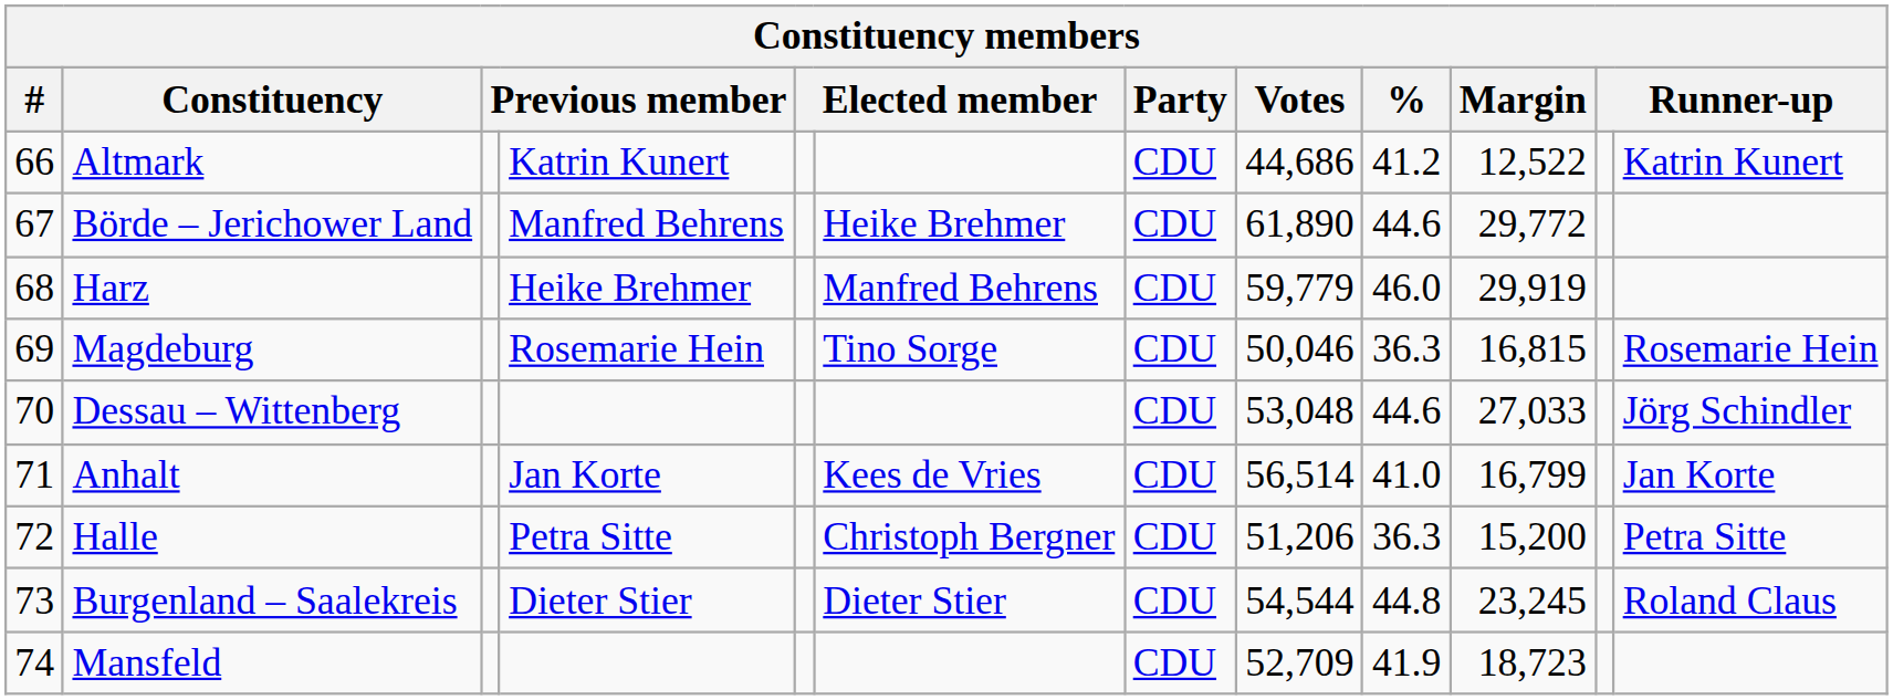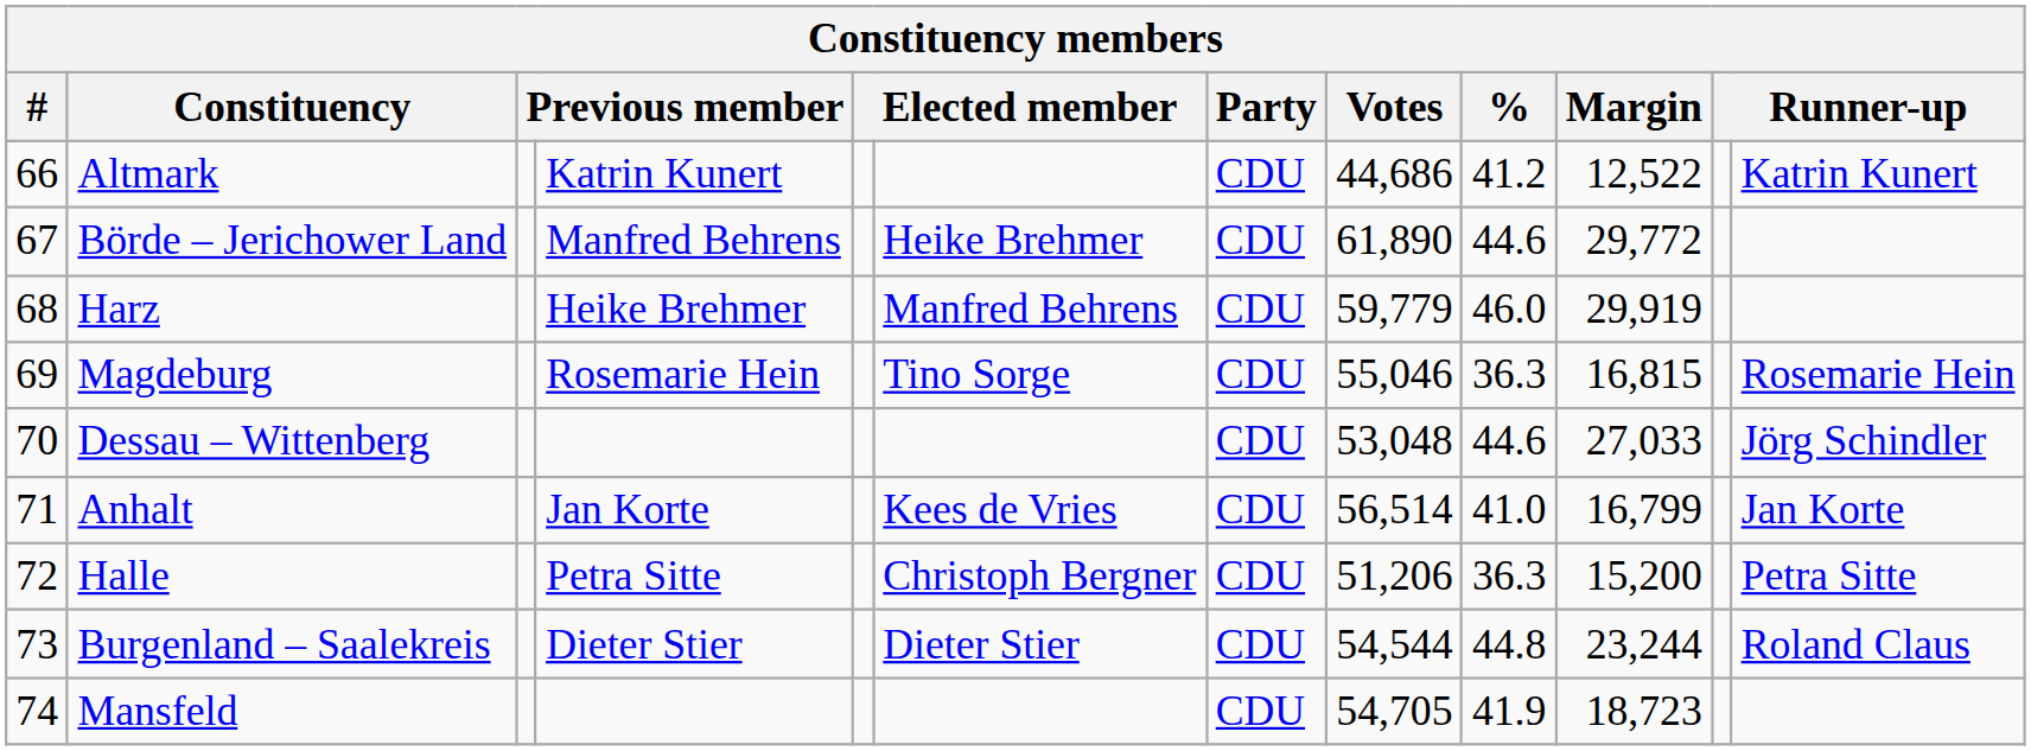 <table class="wikitable sortable" style="text-align:right">
 <tr>
 <th colspan="12">Constituency members</th>
 </tr>
 <tr>
 <th>#</th>
 <th>Constituency</th>
 <th colspan="2">Previous member</th>
 <th colspan="2">Elected member</th>
 <th>Party</th>
 <th>Votes</th>
 <th>%</th>
 <th>Margin</th>
 <th colspan="2">Runner-up</th>
 </tr>
 <tr>
 <td>66</td>
 <td align=left><a href='#'>Altmark</a></td>
 <td bgcolor=></td>
 <td align=left><a href='#'>Katrin Kunert</a></td>
 <td></td>
 <td align=left></td>
 <td align="left"><a href='#'>CDU</a></td>
 <td>44,686</td>
 <td>41.2</td>
 <td>12,522</td>
 <td bgcolor=></td>
 <td align=left><a href='#'>Katrin Kunert</a></td>
 </tr>
 <tr>
 <td>67</td>
 <td align=left><a href='#'>Börde – Jerichower Land</a></td>
 <td bgcolor=></td>
 <td align=left><a href='#'>Manfred Behrens</a></td>
 <td bgcolor=></td>
 <td align=left><a href='#'>Heike Brehmer</a></td>
 <td align=left><a href='#'>CDU</a></td>
 <td>61,890</td>
 <td>44.6</td>
 <td>29,772</td>
 <td bgcolor=></td>
 <td align=left></td>
 </tr>
 <tr>
 <td>68</td>
 <td align=left><a href='#'>Harz</a></td>
 <td bgcolor=></td>
 <td align=left><a href='#'>Heike Brehmer</a></td>
 <td bgcolor=></td>
 <td align=left><a href='#'>Manfred Behrens</a></td>
 <td align=left><a href='#'>CDU</a></td>
 <td>59,779</td>
 <td>46.0</td>
 <td>29,919</td>
 <td bgcolor=></td>
 <td align=left></td>
 </tr>
 <tr>
 <td>69</td>
 <td align=left><a href='#'>Magdeburg</a></td>
 <td bgcolor=></td>
 <td align=left><a href='#'>Rosemarie Hein</a></td>
 <td bgcolor=></td>
 <td align=left><a href='#'>Tino Sorge</a></td>
 <td align=left><a href='#'>CDU</a></td>
-<td>50,046</td>
+<td>55,046</td>
 <td>36.3</td>
 <td>16,815</td>
 <td bgcolor=></td>
 <td align=left><a href='#'>Rosemarie Hein</a></td>
 </tr>
 <tr>
 <td>70</td>
 <td align=left><a href='#'>Dessau – Wittenberg</a></td>
 <td bgcolor=></td>
 <td align=left></td>
 <td></td>
 <td align=left></td>
 <td align="left"><a href='#'>CDU</a></td>
 <td>53,048</td>
 <td>44.6</td>
 <td>27,033</td>
 <td bgcolor=></td>
 <td align=left><a href='#'>Jörg Schindler</a></td>
 </tr>
 <tr>
 <td>71</td>
 <td align=left><a href='#'>Anhalt</a></td>
 <td bgcolor=></td>
 <td align=left><a href='#'>Jan Korte</a></td>
 <td bgcolor=></td>
 <td align=left><a href='#'>Kees de Vries</a></td>
 <td align=left><a href='#'>CDU</a></td>
 <td>56,514</td>
 <td>41.0</td>
 <td>16,799</td>
 <td bgcolor=></td>
 <td align=left><a href='#'>Jan Korte</a></td>
 </tr>
 <tr>
 <td>72</td>
 <td align=left><a href='#'>Halle</a></td>
 <td bgcolor=></td>
 <td align=left><a href='#'>Petra Sitte</a></td>
 <td bgcolor=></td>
 <td align=left><a href='#'>Christoph Bergner</a></td>
 <td align=left><a href='#'>CDU</a></td>
 <td>51,206</td>
 <td>36.3</td>
 <td>15,200</td>
 <td bgcolor=></td>
 <td align=left><a href='#'>Petra Sitte</a></td>
 </tr>
 <tr>
 <td>73</td>
 <td align=left><a href='#'>Burgenland – Saalekreis</a></td>
 <td bgcolor=></td>
 <td align=left><a href='#'>Dieter Stier</a></td>
 <td bgcolor=></td>
 <td align=left><a href='#'>Dieter Stier</a></td>
 <td align=left><a href='#'>CDU</a></td>
 <td>54,544</td>
 <td>44.8</td>
-<td>23,245</td>
+<td>23,244</td>
 <td bgcolor=></td>
 <td align=left><a href='#'>Roland Claus</a></td>
 </tr>
 <tr>
 <td>74</td>
 <td align=left><a href='#'>Mansfeld</a></td>
 <td bgcolor=></td>
 <td align=left></td>
 <td></td>
 <td align=left></td>
 <td align="left"><a href='#'>CDU</a></td>
-<td>52,709</td>
+<td>54,705</td>
 <td>41.9</td>
 <td>18,723</td>
 <td bgcolor=></td>
 <td align=left></td>
 </tr>
 </table>
